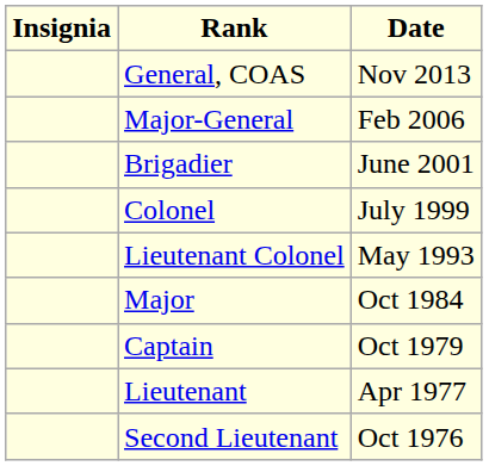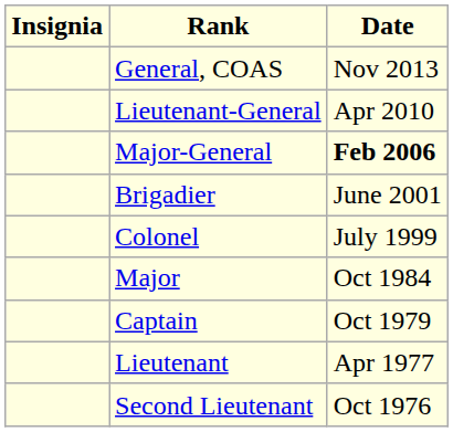 <table class="wikitable">
 <tr>
 <th style="background:#FFFFE0">Insignia</th>
 <th style="background:#FFFFE0">Rank</th>
 <th style="background:#FFFFE0">Date</th>
 </tr>
 <tr>
 <td style="background:#FFFFE0"> </td>
 <td style="background:#FFFFE0"><a href='#'>General</a>, COAS</td>
 <td style="background:#FFFFE0">Nov 2013</td>
 </tr>
 <tr>
 <td style="background:#FFFFE0"> </td>
+<td style="background:#FFFFE0"><a href='#'>Lieutenant-General</a></td>
+<td style="background:#FFFFE0">Apr 2010</td>
+</tr>
+<tr>
+<td style="background:#FFFFE0"> </td>
 <td style="background:#FFFFE0"><a href='#'>Major-General</a></td>
-<td style="background:#FFFFE0">Feb 2006</td>
+<td style="background:#FFFFE0"><strong>Feb 2006</strong></td>
 </tr>
 <tr>
 <td style="background:#FFFFE0"> </td>
 <td style="background:#FFFFE0"><a href='#'>Brigadier</a></td>
 <td style="background:#FFFFE0">June 2001</td>
 </tr>
 <tr>
 <td style="background:#FFFFE0"></td>
 <td style="background:#FFFFE0"><a href='#'>Colonel</a></td>
 <td style="background:#FFFFE0">July 1999</td>
-</tr>
-<tr>
-<td style="background:#FFFFE0"></td>
-<td style="background:#FFFFE0"><a href='#'>Lieutenant Colonel</a></td>
-<td style="background:#FFFFE0">May 1993</td>
 </tr>
 <tr>
 <td style="background:#FFFFE0"></td>
 <td style="background:#FFFFE0"><a href='#'>Major</a></td>
 <td style="background:#FFFFE0">Oct 1984</td>
 </tr>
 <tr>
 <td style="background:#FFFFE0"></td>
 <td style="background:#FFFFE0"><a href='#'>Captain</a></td>
 <td style="background:#FFFFE0">Oct 1979</td>
 </tr>
 <tr>
 <td style="background:#FFFFE0"></td>
 <td style="background:#FFFFE0"><a href='#'>Lieutenant</a></td>
 <td style="background:#FFFFE0">Apr 1977</td>
 </tr>
 <tr>
 <td style="background:#FFFFE0"></td>
 <td style="background:#FFFFE0"><a href='#'>Second Lieutenant</a></td>
 <td style="background:#FFFFE0">Oct 1976</td>
 </tr>
 </table>
